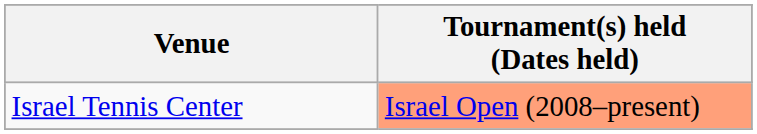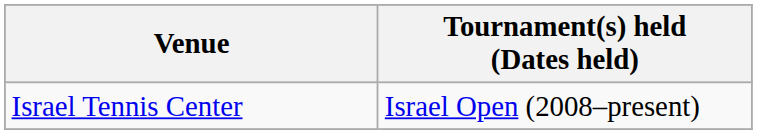 <table class=wikitable>
 <tr>
 <th width=200>Venue</th>
 <th width=200>Tournament(s) held<br>(Dates held)</th>
 </tr>
 <tr>
 <td><a href='#'>Israel Tennis Center</a></td>
-<td style="background: lightsalmon;"><a href='#'>Israel Open</a> (2008–present)</td>
+<td><a href='#'>Israel Open</a> (2008–present)</td>
 </tr>
 </table>
